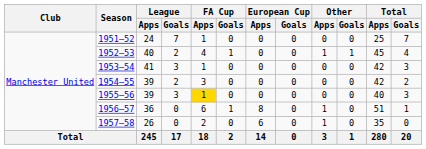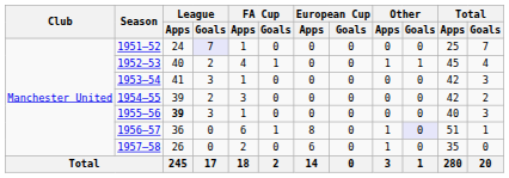 <table class="wikitable" style="text-align:center">
 <tr>
 <th rowspan="2">Club</th>
 <th rowspan="2">Season</th>
 <th colspan="2">League</th>
 <th colspan="2">FA Cup</th>
 <th colspan="2">European Cup</th>
 <th colspan="2">Other</th>
 <th colspan="2">Total</th>
 </tr>
 <tr>
 <th>Apps</th>
 <th>Goals</th>
 <th>Apps</th>
 <th>Goals</th>
 <th>Apps</th>
 <th>Goals</th>
 <th>Apps</th>
 <th>Goals</th>
 <th>Apps</th>
 <th>Goals</th>
 </tr>
 <tr>
 <td rowspan="7"><a href='#'>Manchester United</a></td>
 <td><a href='#'>1951–52</a></td>
 <td>24</td>
-<td>7</td>
+<td style="background: lavender;">7</td>
 <td>1</td>
 <td>0</td>
 <td>0</td>
 <td>0</td>
 <td>0</td>
 <td>0</td>
 <td>25</td>
 <td>7</td>
 </tr>
 <tr>
 <td><a href='#'>1952–53</a></td>
 <td>40</td>
 <td>2</td>
 <td>4</td>
 <td>1</td>
 <td>0</td>
 <td>0</td>
 <td>1</td>
 <td>1</td>
 <td>45</td>
 <td>4</td>
 </tr>
 <tr>
 <td><a href='#'>1953–54</a></td>
 <td>41</td>
 <td>3</td>
 <td>1</td>
 <td>0</td>
 <td>0</td>
 <td>0</td>
 <td>0</td>
 <td>0</td>
 <td>42</td>
 <td>3</td>
 </tr>
 <tr>
 <td><a href='#'>1954–55</a></td>
 <td>39</td>
 <td>2</td>
 <td>3</td>
 <td>0</td>
 <td>0</td>
 <td>0</td>
 <td>0</td>
 <td>0</td>
 <td>42</td>
 <td>2</td>
 </tr>
 <tr>
 <td><a href='#'>1955–56</a></td>
-<td>39</td>
+<td><strong>39</strong></td>
 <td>3</td>
-<td style="background: gold;">1</td>
+<td>1</td>
 <td>0</td>
 <td>0</td>
 <td>0</td>
 <td>0</td>
 <td>0</td>
 <td>40</td>
 <td>3</td>
 </tr>
 <tr>
 <td><a href='#'>1956–57</a></td>
 <td>36</td>
 <td>0</td>
 <td>6</td>
 <td>1</td>
 <td>8</td>
 <td>0</td>
 <td>1</td>
-<td>0</td>
+<td style="background: lavender;">0</td>
 <td>51</td>
 <td>1</td>
 </tr>
 <tr>
 <td><a href='#'>1957–58</a></td>
 <td>26</td>
 <td>0</td>
 <td>2</td>
 <td>0</td>
 <td>6</td>
 <td>0</td>
 <td>1</td>
 <td>0</td>
 <td>35</td>
 <td>0</td>
 </tr>
 <tr>
 <th colspan="2">Total</th>
 <th>245</th>
 <th>17</th>
 <th>18</th>
 <th>2</th>
 <th>14</th>
 <th>0</th>
 <th>3</th>
 <th>1</th>
 <th>280</th>
 <th>20</th>
 </tr>
 </table>
